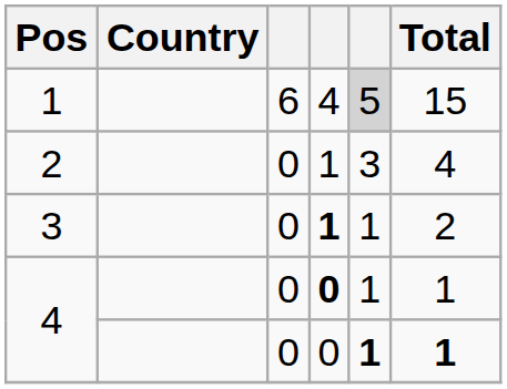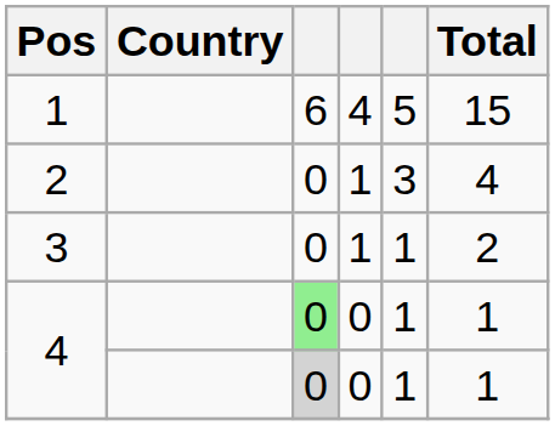 <table class=wikitable style="font-size:95%; text-align: center">
 <tr>
 <th>Pos</th>
 <th>Country</th>
 <th></th>
 <th></th>
 <th></th>
 <th>Total</th>
 </tr>
 <tr>
 <td>1</td>
 <td style=text-align:left></td>
 <td>6</td>
 <td>4</td>
-<td style="background: lightgrey;">5</td>
+<td>5</td>
 <td>15</td>
 </tr>
 <tr>
 <td>2</td>
 <td style=text-align:left></td>
 <td>0</td>
 <td>1</td>
 <td>3</td>
 <td>4</td>
 </tr>
 <tr>
 <td>3</td>
 <td style=text-align:left></td>
 <td>0</td>
-<td><strong>1</strong></td>
+<td>1</td>
 <td>1</td>
 <td>2</td>
 </tr>
 <tr>
 <td rowspan=2>4</td>
 <td style=text-align:left></td>
+<td style="background: lightgreen;">0</td>
 <td>0</td>
-<td><strong>0</strong></td>
 <td>1</td>
 <td>1</td>
 </tr>
 <tr>
 <td style=text-align:left></td>
+<td style="background: lightgrey;">0</td>
 <td>0</td>
-<td>0</td>
-<td><strong>1</strong></td>
-<td><strong>1</strong></td>
+<td>1</td>
+<td>1</td>
 </tr>
 <tr>
 </tr>
 </table>
